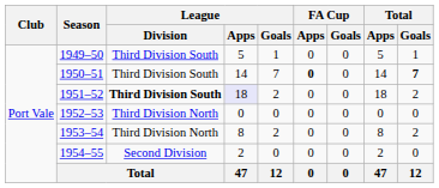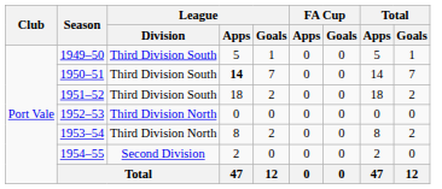 <table class="wikitable" style="text-align: center;">
 <tr>
 <th rowspan="2">Club</th>
 <th rowspan="2">Season</th>
 <th colspan="3">League</th>
 <th colspan="2">FA Cup</th>
 <th colspan="2">Total</th>
 </tr>
 <tr>
 <th>Division</th>
 <th>Apps</th>
 <th>Goals</th>
 <th>Apps</th>
 <th>Goals</th>
 <th>Apps</th>
 <th>Goals</th>
 </tr>
 <tr>
 <td rowspan="7"><a href='#'>Port Vale</a></td>
 <td><a href='#'>1949–50</a></td>
 <td><a href='#'>Third Division South</a></td>
 <td>5</td>
 <td>1</td>
 <td>0</td>
 <td>0</td>
 <td>5</td>
 <td>1</td>
 </tr>
 <tr>
 <td><a href='#'>1950–51</a></td>
 <td>Third Division South</td>
+<td><strong>14</strong></td>
+<td>7</td>
+<td>0</td>
+<td>0</td>
 <td>14</td>
 <td>7</td>
-<td><strong>0</strong></td>
-<td>0</td>
-<td>14</td>
-<td><strong>7</strong></td>
 </tr>
 <tr>
 <td><a href='#'>1951–52</a></td>
-<td><strong>Third Division South</strong></td>
-<td style="background: lavender;">18</td>
+<td>Third Division South</td>
+<td>18</td>
 <td>2</td>
 <td>0</td>
 <td>0</td>
 <td>18</td>
 <td>2</td>
 </tr>
 <tr>
 <td><a href='#'>1952–53</a></td>
 <td><a href='#'>Third Division North</a></td>
 <td>0</td>
 <td>0</td>
 <td>0</td>
 <td>0</td>
 <td>0</td>
 <td>0</td>
 </tr>
 <tr>
 <td><a href='#'>1953–54</a></td>
 <td>Third Division North</td>
 <td>8</td>
 <td>2</td>
 <td>0</td>
 <td>0</td>
 <td>8</td>
 <td>2</td>
 </tr>
 <tr>
 <td><a href='#'>1954–55</a></td>
 <td><a href='#'>Second Division</a></td>
 <td>2</td>
 <td>0</td>
 <td>0</td>
 <td>0</td>
 <td>2</td>
 <td>0</td>
 </tr>
 <tr>
 <th colspan="2">Total</th>
 <th>47</th>
 <th>12</th>
 <th>0</th>
 <th>0</th>
 <th>47</th>
 <th>12</th>
 </tr>
 </table>
